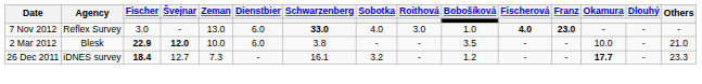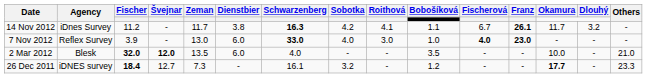 <table class="wikitable" style=text-align:center;font-size:85%;line-height:14px;">
 <tr>
 <th rowspan=2>Date</th>
 <th rowspan=2>Agency</th>
 <th><a href='#'>Fischer</a></th>
 <th><a href='#'>Švejnar</a></th>
 <th><a href='#'>Zeman</a></th>
 <th><a href='#'>Dienstbier</a></th>
 <th><a href='#'>Schwarzenberg</a></th>
 <th><a href='#'>Sobotka</a></th>
 <th><a href='#'>Roithová</a></th>
 <th><a href='#'>Bobošíková</a></th>
 <th><a href='#'>Fischerová</a></th>
 <th><a href='#'>Franz</a></th>
 <th><a href='#'>Okamura</a></th>
 <th><a href='#'>Dlouhý</a></th>
 <th rowspan=2>Others</th>
 </tr>
 <tr>
 <th style="background:"></th>
 <th style="background:"></th>
 <th style="background:"></th>
 <th style="background:"></th>
 <th style="background:"></th>
 <th style="background:"></th>
 <th style="background:"></th>
 <th style="background:#000000; width:40px;"></th>
 <th style="background:"></th>
 <th style="background:"></th>
 </tr>
 <tr>
+<td>14 Nov 2012</td>
+<td>iDnes Survey</td>
+<td>11.2</td>
+<td>-</td>
+<td>11.7</td>
+<td>3.8</td>
+<td><strong>16.3</strong></td>
+<td>4.2</td>
+<td>4.1</td>
+<td>1.1</td>
+<td>6.7</td>
+<td><strong>26.1</strong></td>
+<td>11.7</td>
+<td>3.2</td>
+<td>-</td>
+</tr>
+<tr>
 <td>7 Nov 2012</td>
 <td>Reflex Survey</td>
-<td>3.0</td>
+<td>3.9</td>
 <td>-</td>
 <td>13.0</td>
 <td>6.0</td>
 <td><strong>33.0</strong></td>
 <td>4.0</td>
 <td>3.0</td>
 <td>1.0</td>
 <td><strong>4.0</strong></td>
 <td><strong>23.0</strong></td>
 <td>-</td>
 <td>-</td>
 <td>-</td>
 </tr>
 <tr>
 <td>2 Mar 2012</td>
 <td>Blesk</td>
-<td><strong>22.9</strong></td>
+<td><strong>32.0</strong></td>
 <td><strong>12.0</strong></td>
-<td>10.0</td>
+<td>13.5</td>
 <td>6.0</td>
-<td>3.8</td>
+<td>4.0</td>
 <td>-</td>
 <td>-</td>
 <td>3.5</td>
 <td>-</td>
 <td>-</td>
 <td>10.0</td>
 <td>-</td>
 <td>21.0</td>
 </tr>
 <tr>
 <td>26 Dec 2011</td>
 <td>iDNES survey</td>
 <td><strong>18.4</strong></td>
 <td>12.7</td>
 <td>7.3</td>
 <td>-</td>
 <td>16.1</td>
 <td>3.2</td>
 <td>-</td>
 <td>1.2</td>
 <td>-</td>
 <td>-</td>
 <td><strong>17.7</strong></td>
 <td>-</td>
 <td>23.3</td>
 </tr>
 </table>
